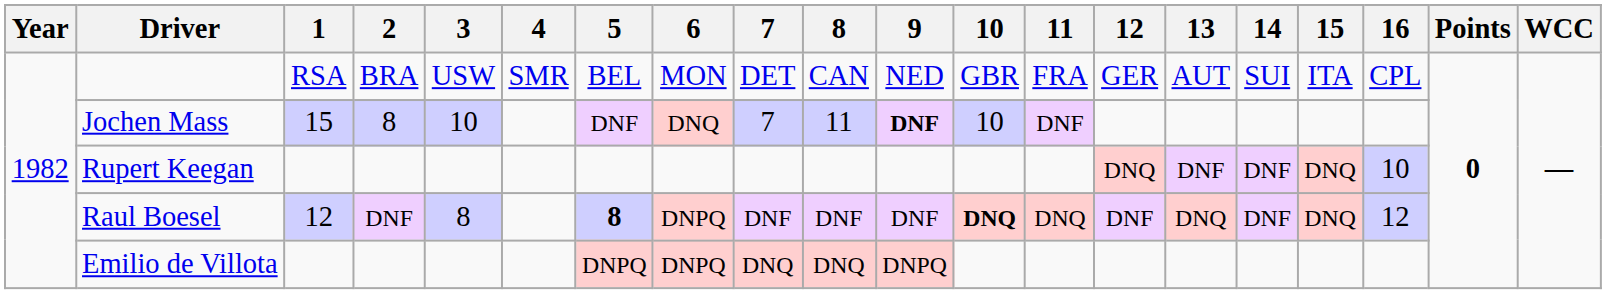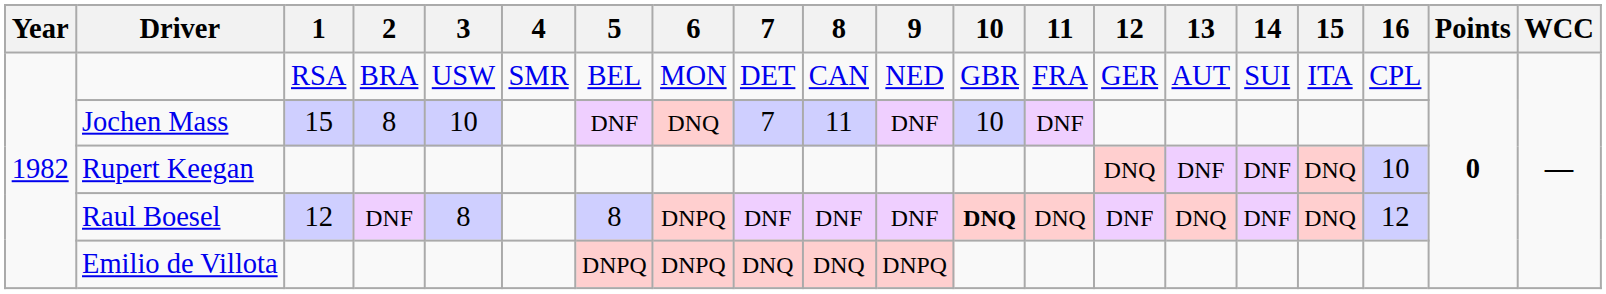 <table class="wikitable" style="text-align:center; font-size:90%">
 <tr>
 <th>Year</th>
 <th>Driver</th>
 <th>1</th>
 <th>2</th>
 <th>3</th>
 <th>4</th>
 <th>5</th>
 <th>6</th>
 <th>7</th>
 <th>8</th>
 <th>9</th>
 <th>10</th>
 <th>11</th>
 <th>12</th>
 <th>13</th>
 <th>14</th>
 <th>15</th>
 <th>16</th>
 <th>Points</th>
 <th>WCC</th>
 </tr>
 <tr>
 <td rowspan="5"><a href='#'>1982</a></td>
 <td></td>
 <td><a href='#'>RSA</a></td>
 <td><a href='#'>BRA</a></td>
 <td><a href='#'>USW</a></td>
 <td><a href='#'>SMR</a></td>
 <td><a href='#'>BEL</a></td>
 <td><a href='#'>MON</a></td>
 <td><a href='#'>DET</a></td>
 <td><a href='#'>CAN</a></td>
 <td><a href='#'>NED</a></td>
 <td><a href='#'>GBR</a></td>
 <td><a href='#'>FRA</a></td>
 <td><a href='#'>GER</a></td>
 <td><a href='#'>AUT</a></td>
 <td><a href='#'>SUI</a></td>
 <td><a href='#'>ITA</a></td>
 <td><a href='#'>CPL</a></td>
 <td rowspan="5"><strong>0</strong></td>
 <td rowspan="5"><strong>—</strong></td>
 </tr>
 <tr>
 <td align="left"> <a href='#'>Jochen Mass</a></td>
 <td bgcolor="#CFCFFF">15</td>
 <td bgcolor="#CFCFFF">8</td>
 <td bgcolor="#CFCFFF">10</td>
 <td></td>
 <td bgcolor="#EFCFFF"><small>DNF</small></td>
 <td bgcolor="#FFCFCF"><small>DNQ</small></td>
 <td bgcolor="#CFCFFF">7</td>
 <td bgcolor="#CFCFFF">11</td>
-<td bgcolor="#EFCFFF"><strong><small>DNF</small></strong></td>
+<td bgcolor="#EFCFFF"><small>DNF</small></td>
 <td bgcolor="#CFCFFF">10</td>
 <td bgcolor="#EFCFFF"><small>DNF</small></td>
 <td></td>
 <td></td>
 <td></td>
 <td></td>
 <td></td>
 </tr>
 <tr>
 <td align="left"> <a href='#'>Rupert Keegan</a></td>
 <td></td>
 <td></td>
 <td></td>
 <td></td>
 <td></td>
 <td></td>
 <td></td>
 <td></td>
 <td></td>
 <td></td>
 <td></td>
 <td bgcolor="#FFCFCF"><small>DNQ</small></td>
 <td bgcolor="#EFCFFF"><small>DNF</small></td>
 <td bgcolor="#EFCFFF"><small>DNF</small></td>
 <td bgcolor="#FFCFCF"><small>DNQ</small></td>
 <td bgcolor="#CFCFFF">10</td>
 </tr>
 <tr>
 <td align="left"> <a href='#'>Raul Boesel</a></td>
 <td bgcolor="#CFCFFF">12</td>
 <td bgcolor="#EFCFFF"><small>DNF</small></td>
 <td bgcolor="#CFCFFF">8</td>
 <td></td>
-<td bgcolor="#CFCFFF"><strong>8</strong></td>
+<td bgcolor="#CFCFFF">8</td>
 <td bgcolor="#FFCFCF"><small>DNPQ</small></td>
 <td bgcolor="#EFCFFF"><small>DNF</small></td>
 <td bgcolor="#EFCFFF"><small>DNF</small></td>
 <td bgcolor="#EFCFFF"><small>DNF</small></td>
 <td bgcolor="#FFCFCF"><strong><small>DNQ</small></strong></td>
 <td bgcolor="#FFCFCF"><small>DNQ</small></td>
 <td bgcolor="#EFCFFF"><small>DNF</small></td>
 <td bgcolor="#FFCFCF"><small>DNQ</small></td>
 <td bgcolor="#EFCFFF"><small>DNF</small></td>
 <td bgcolor="#FFCFCF"><small>DNQ</small></td>
 <td bgcolor="#CFCFFF">12</td>
 </tr>
 <tr>
 <td align="left"> <a href='#'>Emilio de Villota</a></td>
 <td></td>
 <td></td>
 <td></td>
 <td></td>
 <td bgcolor="#FFCFCF"><small>DNPQ</small></td>
 <td bgcolor="#FFCFCF"><small>DNPQ</small></td>
 <td bgcolor="#FFCFCF"><small>DNQ</small></td>
 <td bgcolor="#FFCFCF"><small>DNQ</small></td>
 <td bgcolor="#FFCFCF"><small>DNPQ</small></td>
 <td></td>
 <td></td>
 <td></td>
 <td></td>
 <td></td>
 <td></td>
 <td></td>
 </tr>
 </table>
